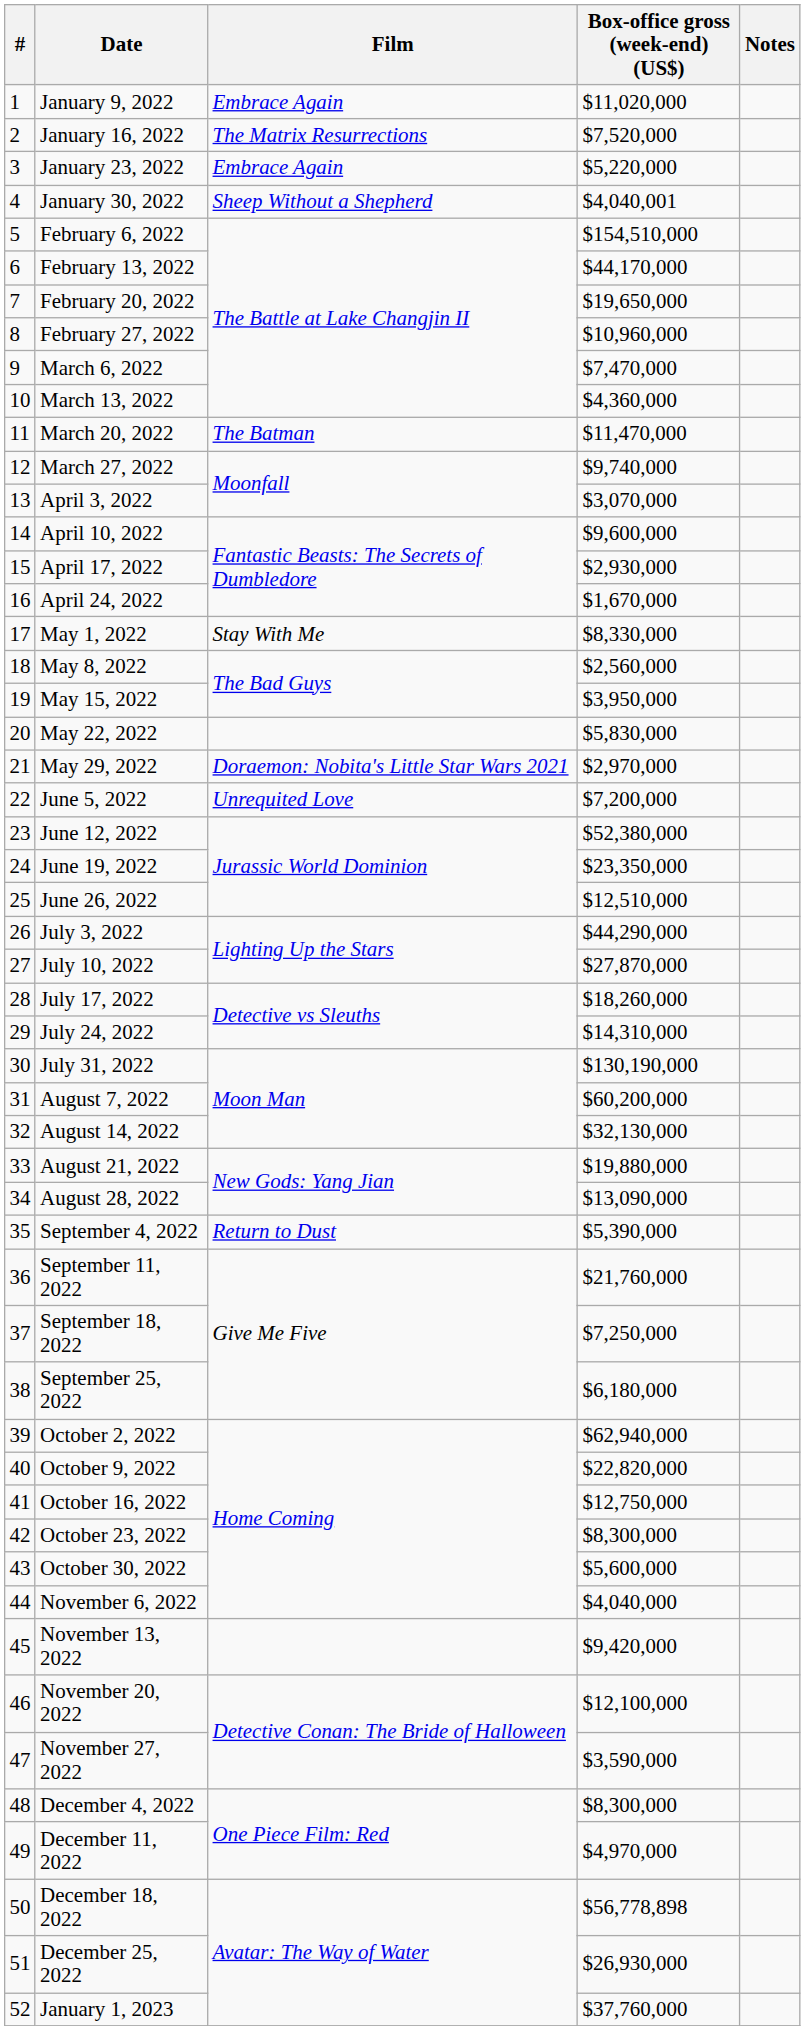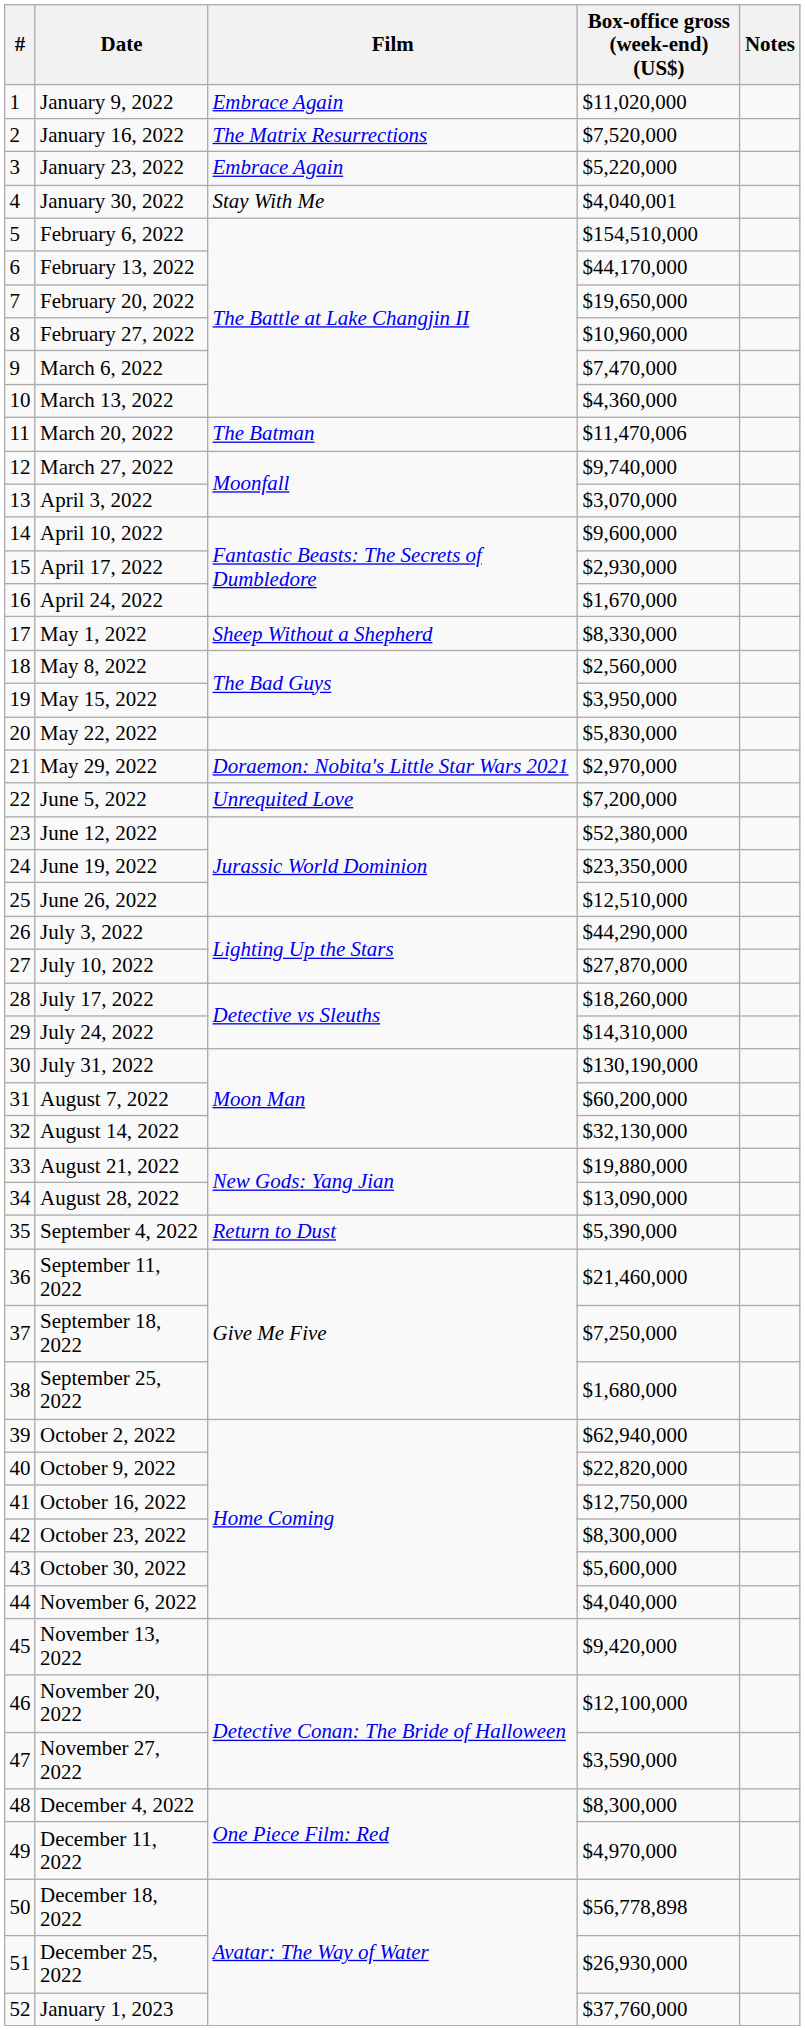 <table class="wikitable sortable">
 <tr>
 <th>#</th>
 <th>Date</th>
 <th>Film</th>
 <th>Box-office gross<br>(week-end) (US$)</th>
 <th>Notes</th>
 </tr>
 <tr>
 <td>1</td>
 <td>January 9, 2022</td>
 <td><em><a href='#'>Embrace Again</a></em></td>
 <td>$11,020,000</td>
 <td></td>
 </tr>
 <tr>
 <td>2</td>
 <td>January 16, 2022</td>
 <td><em><a href='#'>The Matrix Resurrections</a></em></td>
 <td>$7,520,000</td>
 <td></td>
 </tr>
 <tr>
 <td>3</td>
 <td>January 23, 2022</td>
 <td><em><a href='#'>Embrace Again</a></em></td>
 <td>$5,220,000</td>
 <td></td>
 </tr>
 <tr>
 <td>4</td>
 <td>January 30, 2022</td>
-<td><em><a href='#'>Sheep Without a Shepherd</a></em></td>
+<td><em>Stay With Me</em></td>
 <td>$4,040,001</td>
 <td></td>
 </tr>
 <tr>
 <td>5</td>
 <td>February 6, 2022</td>
 <td rowspan="6"><em><a href='#'>The Battle at Lake Changjin II</a></em></td>
 <td>$154,510,000</td>
 <td></td>
 </tr>
 <tr>
 <td>6</td>
 <td>February 13, 2022</td>
 <td>$44,170,000</td>
 <td></td>
 </tr>
 <tr>
 <td>7</td>
 <td>February 20, 2022</td>
 <td>$19,650,000</td>
 <td></td>
 </tr>
 <tr>
 <td>8</td>
 <td>February 27, 2022</td>
 <td>$10,960,000</td>
 <td></td>
 </tr>
 <tr>
 <td>9</td>
 <td>March 6, 2022</td>
 <td>$7,470,000</td>
 <td></td>
 </tr>
 <tr>
 <td>10</td>
 <td>March 13, 2022</td>
 <td>$4,360,000</td>
 <td></td>
 </tr>
 <tr>
 <td>11</td>
 <td>March 20, 2022</td>
 <td><em><a href='#'> The Batman</a></em></td>
-<td>$11,470,000</td>
+<td>$11,470,006</td>
 <td></td>
 </tr>
 <tr>
 <td>12</td>
 <td>March 27, 2022</td>
 <td rowspan="2"><em><a href='#'> Moonfall</a></em></td>
 <td>$9,740,000</td>
 <td></td>
 </tr>
 <tr>
 <td>13</td>
 <td>April 3, 2022</td>
 <td>$3,070,000</td>
 <td></td>
 </tr>
 <tr>
 <td>14</td>
 <td>April 10, 2022</td>
 <td rowspan="3"><em><a href='#'>Fantastic Beasts: The Secrets of Dumbledore</a></em></td>
 <td>$9,600,000</td>
 <td></td>
 </tr>
 <tr>
 <td>15</td>
 <td>April 17, 2022</td>
 <td>$2,930,000</td>
 <td></td>
 </tr>
 <tr>
 <td>16</td>
 <td>April 24, 2022</td>
 <td>$1,670,000</td>
 <td></td>
 </tr>
 <tr>
 <td>17</td>
 <td>May 1, 2022</td>
-<td><em>Stay With Me</em></td>
+<td><em><a href='#'>Sheep Without a Shepherd</a></em></td>
 <td>$8,330,000</td>
 <td></td>
 </tr>
 <tr>
 <td>18</td>
 <td>May 8, 2022</td>
 <td rowspan="2"><em><a href='#'> The Bad Guys</a></em></td>
 <td>$2,560,000</td>
 <td></td>
 </tr>
 <tr>
 <td>19</td>
 <td>May 15, 2022</td>
 <td>$3,950,000</td>
 <td></td>
 </tr>
 <tr>
 <td>20</td>
 <td>May 22, 2022</td>
 <td><em></em></td>
 <td>$5,830,000</td>
 <td></td>
 </tr>
 <tr>
 <td>21</td>
 <td>May 29, 2022</td>
 <td><em><a href='#'>Doraemon: Nobita's Little Star Wars 2021</a></em></td>
 <td>$2,970,000</td>
 <td></td>
 </tr>
 <tr>
 <td>22</td>
 <td>June 5, 2022</td>
 <td><em><a href='#'>Unrequited Love</a></em></td>
 <td>$7,200,000</td>
 <td></td>
 </tr>
 <tr>
 <td>23</td>
 <td>June 12, 2022</td>
 <td rowspan="3"><em><a href='#'>Jurassic World Dominion</a></em></td>
 <td>$52,380,000</td>
 <td></td>
 </tr>
 <tr>
 <td>24</td>
 <td>June 19, 2022</td>
 <td>$23,350,000</td>
 <td></td>
 </tr>
 <tr>
 <td>25</td>
 <td>June 26, 2022</td>
 <td>$12,510,000</td>
 <td></td>
 </tr>
 <tr>
 <td>26</td>
 <td>July 3, 2022</td>
 <td rowspan="2"><em><a href='#'>Lighting Up the Stars</a></em></td>
 <td>$44,290,000</td>
 <td></td>
 </tr>
 <tr>
 <td>27</td>
 <td>July 10, 2022</td>
 <td>$27,870,000</td>
 <td></td>
 </tr>
 <tr>
 <td>28</td>
 <td>July 17, 2022</td>
 <td rowspan="2"><em><a href='#'>Detective vs Sleuths</a></em></td>
 <td>$18,260,000</td>
 <td></td>
 </tr>
 <tr>
 <td>29</td>
 <td>July 24, 2022</td>
 <td>$14,310,000</td>
 <td></td>
 </tr>
 <tr>
 <td>30</td>
 <td>July 31, 2022</td>
 <td rowspan="3"><em><a href='#'> Moon Man</a></em></td>
 <td>$130,190,000</td>
 <td></td>
 </tr>
 <tr>
 <td>31</td>
 <td>August 7, 2022</td>
 <td>$60,200,000</td>
 <td></td>
 </tr>
 <tr>
 <td>32</td>
 <td>August 14, 2022</td>
 <td>$32,130,000</td>
 <td></td>
 </tr>
 <tr>
 <td>33</td>
 <td>August 21, 2022</td>
 <td rowspan="2"><em><a href='#'>New Gods: Yang Jian</a></em></td>
 <td>$19,880,000</td>
 <td></td>
 </tr>
 <tr>
 <td>34</td>
 <td>August 28, 2022</td>
 <td>$13,090,000</td>
 <td></td>
 </tr>
 <tr>
 <td>35</td>
 <td>September 4, 2022</td>
 <td><em><a href='#'> Return to Dust</a></em></td>
 <td>$5,390,000</td>
 <td></td>
 </tr>
 <tr>
 <td>36</td>
 <td>September 11, 2022</td>
 <td rowspan="3"><em>Give Me Five</em></td>
-<td>$21,760,000</td>
+<td>$21,460,000</td>
 <td></td>
 </tr>
 <tr>
 <td>37</td>
 <td>September 18, 2022</td>
 <td>$7,250,000</td>
 <td></td>
 </tr>
 <tr>
 <td>38</td>
 <td>September 25, 2022</td>
-<td>$6,180,000</td>
+<td>$1,680,000</td>
 <td></td>
 </tr>
 <tr>
 <td>39</td>
 <td>October 2, 2022</td>
 <td rowspan="6"><em><a href='#'> Home Coming</a></em></td>
 <td>$62,940,000</td>
 <td></td>
 </tr>
 <tr>
 <td>40</td>
 <td>October 9, 2022</td>
 <td>$22,820,000</td>
 <td></td>
 </tr>
 <tr>
 <td>41</td>
 <td>October 16, 2022</td>
 <td>$12,750,000</td>
 <td></td>
 </tr>
 <tr>
 <td>42</td>
 <td>October 23, 2022</td>
 <td>$8,300,000</td>
 <td></td>
 </tr>
 <tr>
 <td>43</td>
 <td>October 30, 2022</td>
 <td>$5,600,000</td>
 <td></td>
 </tr>
 <tr>
 <td>44</td>
 <td>November 6, 2022</td>
 <td>$4,040,000</td>
 <td></td>
 </tr>
 <tr>
 <td>45</td>
 <td>November 13, 2022</td>
 <td><em></em></td>
 <td>$9,420,000</td>
 <td></td>
 </tr>
 <tr>
 <td>46</td>
 <td>November 20, 2022</td>
 <td rowspan="2"><em><a href='#'> Detective Conan: The Bride of Halloween</a></em></td>
 <td>$12,100,000</td>
 <td></td>
 </tr>
 <tr>
 <td>47</td>
 <td>November 27, 2022</td>
 <td>$3,590,000</td>
 <td></td>
 </tr>
 <tr>
 <td>48</td>
 <td>December 4, 2022</td>
 <td rowspan="2"><em><a href='#'>One Piece Film: Red</a></em></td>
 <td>$8,300,000</td>
 <td></td>
 </tr>
 <tr>
 <td>49</td>
 <td>December 11, 2022</td>
 <td>$4,970,000</td>
 <td></td>
 </tr>
 <tr>
 <td>50</td>
 <td>December 18, 2022</td>
 <td rowspan="3"><em><a href='#'>Avatar: The Way of Water</a></em></td>
 <td>$56,778,898</td>
 <td></td>
 </tr>
 <tr>
 <td>51</td>
 <td>December 25, 2022</td>
 <td>$26,930,000</td>
 <td></td>
 </tr>
 <tr>
 <td>52</td>
 <td>January 1, 2023</td>
 <td>$37,760,000</td>
 <td></td>
 </tr>
 <tr>
 </tr>
 </table>
